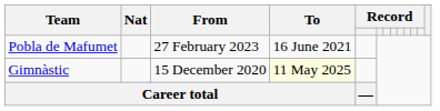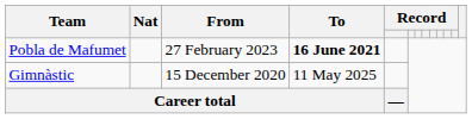 <table class="wikitable" style="text-align: center">
 <tr>
 <th rowspan="2">Team</th>
 <th rowspan="2">Nat</th>
 <th rowspan="2">From</th>
 <th rowspan="2">To</th>
 <th colspan="8">Record</th>
 <th rowspan=2></th>
 </tr>
 <tr>
 <th></th>
 <th></th>
 <th></th>
 <th></th>
 <th></th>
 <th></th>
 <th></th>
 <th></th>
 </tr>
 <tr>
 <td align="left"><a href='#'>Pobla de Mafumet</a></td>
 <td></td>
 <td align=left>27 February 2023</td>
-<td align=left>16 June 2021<br></td>
+<td align=left><strong>16 June 2021<br></strong></td>
 <td></td>
 </tr>
 <tr>
 <td align="left"><a href='#'>Gimnàstic</a></td>
 <td></td>
 <td align=left>15 December 2020</td>
-<td align=left style="background: lightyellow;">11 May 2025<br></td>
+<td align=left>11 May 2025<br></td>
 <td></td>
 </tr>
 <tr>
 <th colspan="4">Career total<br></th>
 <th>—</th>
 </tr>
 </table>
